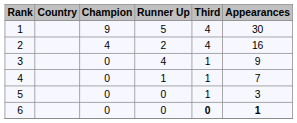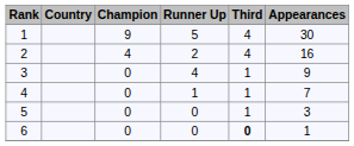 <table align="center" bgcolor="#f7f8ff" cellpadding="3" cellspacing="0" border="1" style="font-size: 95%; border: gray solid 1px; border-collapse: collapse; text-align: center;">
 <tr bgcolor="#CCCCCC" style="background-color: silver;">
 <th>Rank</th>
 <th>Country</th>
 <th>Champion</th>
 <th>Runner Up</th>
 <th>Third</th>
 <th>Appearances</th>
 </tr>
 <tr>
 <td>1</td>
 <td align=left></td>
 <td>9</td>
 <td>5</td>
 <td>4</td>
 <td>30</td>
 </tr>
 <tr>
 <td>2</td>
 <td align=left></td>
 <td>4</td>
 <td>2</td>
 <td>4</td>
 <td>16</td>
 </tr>
 <tr>
 <td>3</td>
 <td align=left></td>
 <td>0</td>
 <td>4</td>
 <td>1</td>
 <td>9</td>
 </tr>
 <tr>
 <td>4</td>
 <td align=left></td>
 <td>0</td>
 <td>1</td>
 <td>1</td>
 <td>7</td>
 </tr>
 <tr>
 <td>5</td>
 <td align=left></td>
 <td>0</td>
 <td>0</td>
 <td>1</td>
 <td>3</td>
 </tr>
 <tr>
 <td>6</td>
 <td align=left></td>
 <td>0</td>
 <td>0</td>
 <td><strong>0</strong></td>
-<td><strong>1</strong></td>
+<td>1</td>
 </tr>
 <tr>
 </tr>
 </table>
